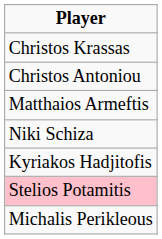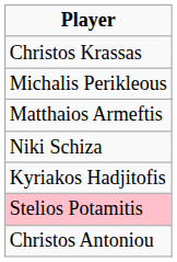 <table class="wikitable">
 <tr style="text-align:center;">
 <td><strong>Player</strong></td>
 </tr>
 <tr>
 <td> Christos Krassas</td>
 </tr>
 <tr>
-<td> Christos Antoniou</td>
+<td> Michalis Perikleous</td>
 </tr>
 <tr>
 <td> Matthaios Armeftis</td>
 </tr>
 <tr>
 <td> Niki Schiza</td>
 </tr>
 <tr>
 <td> Kyriakos Hadjitofis</td>
 </tr>
 <tr>
 <td style="background: pink;"> Stelios Potamitis</td>
 </tr>
 <tr>
-<td> Michalis Perikleous</td>
+<td> Christos Antoniou</td>
 </tr>
 </table>
